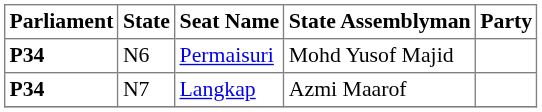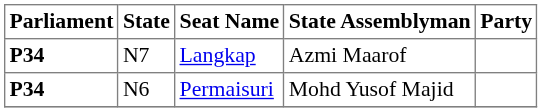 <table class="toccolours sortable" border="1" cellpadding="3" style="border-collapse:collapse; text-align: left;">
 <tr>
 <th align="center">Parliament</th>
 <th>State</th>
 <th>Seat Name</th>
 <th>State Assemblyman</th>
 <th>Party</th>
 </tr>
 <tr>
 <th align="left">P34</th>
+<td>N7</td>
+<td><a href='#'>Langkap</a></td>
+<td>Azmi Maarof</td>
+<td></td>
+</tr>
+<tr>
+<th align="left">P34</th>
 <td>N6</td>
 <td><a href='#'>Permaisuri</a></td>
 <td>Mohd Yusof Majid</td>
 <td></td>
 </tr>
 <tr>
-<th align="left">P34</th>
-<td>N7</td>
-<td><a href='#'>Langkap</a></td>
-<td>Azmi Maarof</td>
-<td></td>
-</tr>
-<tr>
 </tr>
 </table>
